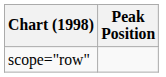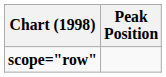 <table class="wikitable">
 <tr>
 <th align="left">Chart (1998)</th>
 <th align="left">Peak<br>Position</th>
 </tr>
 <tr>
-<td>scope="row"</td>
+<td><strong>scope="row"</strong></td>
 </tr>
 </table>
